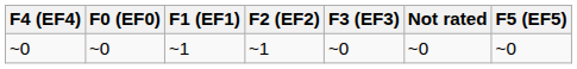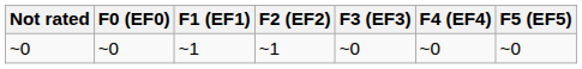 <table class="wikitable mw-collapsible">
 <tr>
-<th style="background-color:#">F4 (EF4)</th>
+<th>Not rated</th>
 <th style="background-color:#">F0 (EF0)</th>
 <th style="background-color:#">F1 (EF1)</th>
 <th style="background-color:#">F2 (EF2)</th>
 <th style="background-color:#">F3 (EF3)</th>
-<th>Not rated</th>
+<th style="background-color:#">F4 (EF4)</th>
 <th style="background-color:#">F5 (EF5)</th>
 </tr>
 <tr>
 <td>~0</td>
 <td>~0</td>
 <td>~1</td>
 <td>~1</td>
 <td>~0</td>
 <td>~0</td>
 <td>~0</td>
 </tr>
 </table>
